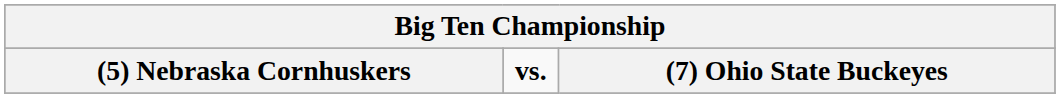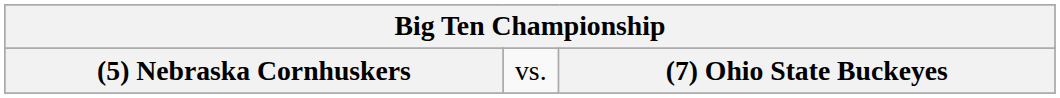 <table class="wikitable">
 <tr>
 <th style="width: 604px;" colspan=3>Big Ten Championship</th>
 </tr>
 <tr>
 <th style="width: 289px; ">(5) Nebraska Cornhuskers</th>
-<td style="width: 25px; text-align:center"><strong>vs.</strong></td>
+<td style="width: 25px; text-align:center">vs.</td>
 <th style="width: 289px; ">(7) Ohio State Buckeyes</th>
 </tr>
 </table>
